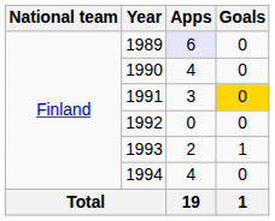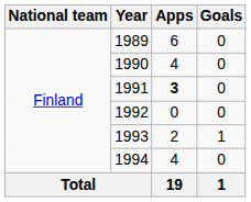 <table class="wikitable" style="text-align:center">
 <tr>
 <th>National team</th>
 <th>Year</th>
 <th>Apps</th>
 <th>Goals</th>
 </tr>
 <tr>
 <td rowspan="6"><a href='#'>Finland</a></td>
 <td>1989</td>
-<td style="background: lavender;">6</td>
+<td>6</td>
 <td>0</td>
 </tr>
 <tr>
 <td>1990</td>
 <td>4</td>
 <td>0</td>
 </tr>
 <tr>
 <td>1991</td>
-<td>3</td>
-<td style="background: gold;">0</td>
+<td><strong>3</strong></td>
+<td>0</td>
 </tr>
 <tr>
 <td>1992</td>
 <td>0</td>
 <td>0</td>
 </tr>
 <tr>
 <td>1993</td>
 <td>2</td>
 <td>1</td>
 </tr>
 <tr>
 <td>1994</td>
 <td>4</td>
 <td>0</td>
 </tr>
 <tr>
 <th colspan="2">Total</th>
 <th>19</th>
 <th>1</th>
 </tr>
 </table>
